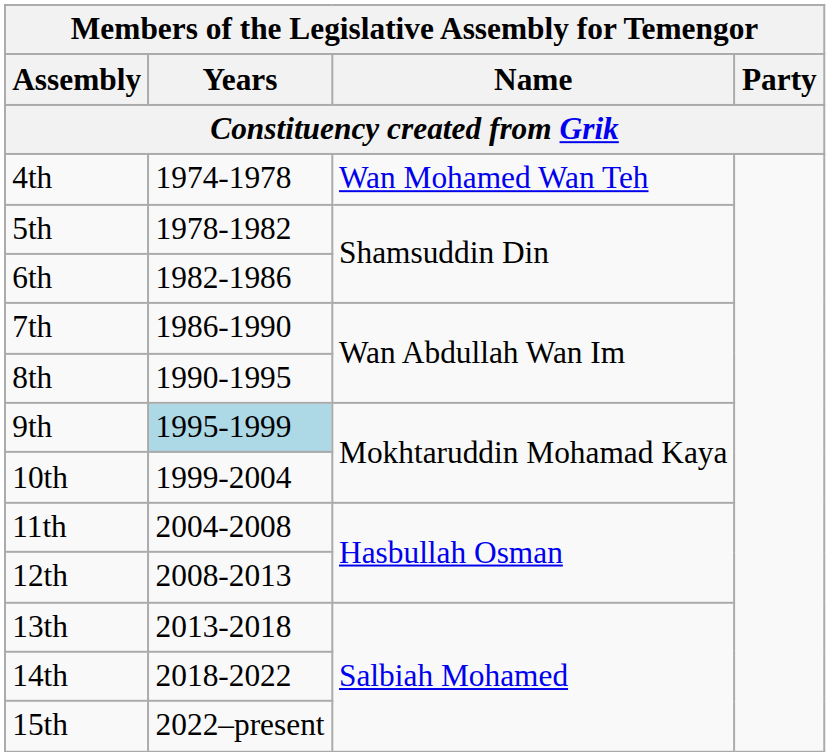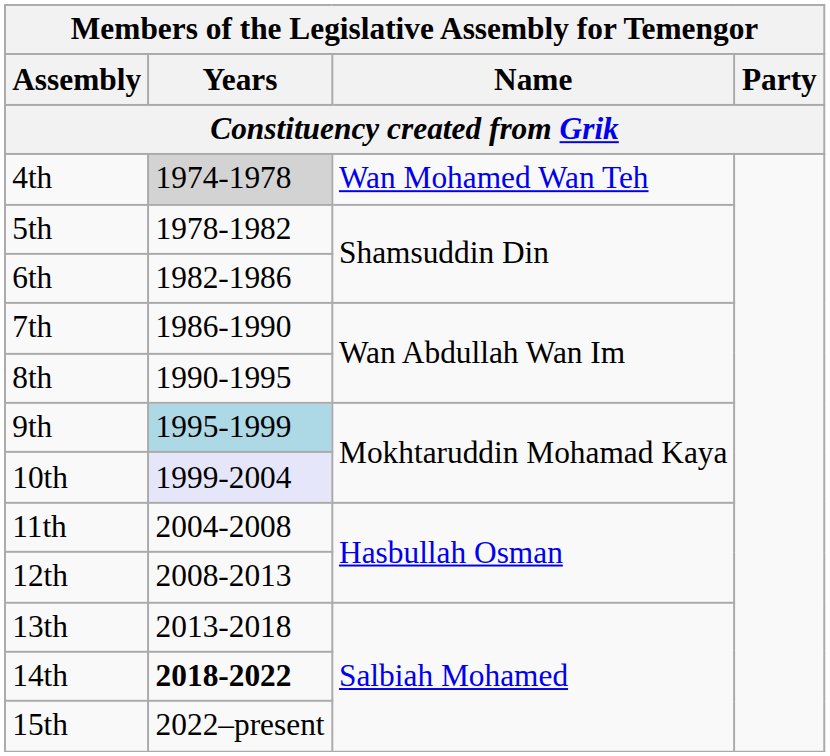 <table class="wikitable">
 <tr>
 <th colspan="4">Members of the Legislative Assembly for Temengor</th>
 </tr>
 <tr>
 <th>Assembly</th>
 <th>Years</th>
 <th>Name</th>
 <th>Party</th>
 </tr>
 <tr>
 <th colspan="4"><em>Constituency created from <a href='#'>Grik</a></em></th>
 </tr>
 <tr>
 <td>4th</td>
-<td>1974-1978</td>
+<td style="background: lightgrey;">1974-1978</td>
 <td><a href='#'>Wan Mohamed Wan Teh</a></td>
 <td rowspan="12"></td>
 </tr>
 <tr>
 <td>5th</td>
 <td>1978-1982</td>
 <td rowspan="2">Shamsuddin Din</td>
 </tr>
 <tr>
 <td>6th</td>
 <td>1982-1986</td>
 </tr>
 <tr>
 <td>7th</td>
 <td>1986-1990</td>
 <td rowspan="2">Wan Abdullah Wan Im</td>
 </tr>
 <tr>
 <td>8th</td>
 <td>1990-1995</td>
 </tr>
 <tr>
 <td>9th</td>
 <td style="background: lightblue;">1995-1999</td>
 <td rowspan="2">Mokhtaruddin Mohamad Kaya</td>
 </tr>
 <tr>
 <td>10th</td>
-<td>1999-2004</td>
+<td style="background: lavender;">1999-2004</td>
 </tr>
 <tr>
 <td>11th</td>
 <td>2004-2008</td>
 <td rowspan="2"><a href='#'>Hasbullah Osman</a></td>
 </tr>
 <tr>
 <td>12th</td>
 <td>2008-2013</td>
 </tr>
 <tr>
 <td>13th</td>
 <td>2013-2018</td>
 <td rowspan="3"><a href='#'>Salbiah Mohamed</a></td>
 </tr>
 <tr>
 <td>14th</td>
-<td>2018-2022</td>
+<td><strong>2018-2022</strong></td>
 </tr>
 <tr>
 <td>15th</td>
 <td>2022–present</td>
 </tr>
 </table>
